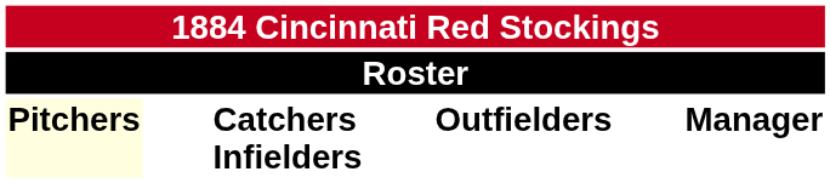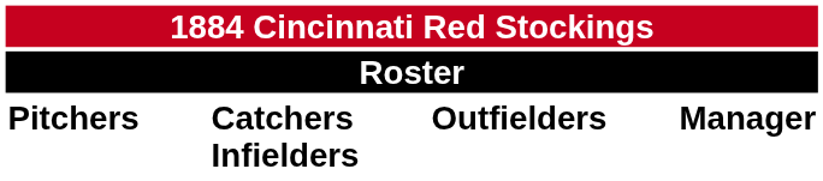 <table class="toccolours" style="font-size: 95%;">
 <tr>
 <th colspan="10" style="background-color: #c6011f; color: white; text-align: center;">1884 Cincinnati Red Stockings</th>
 </tr>
 <tr>
 <td colspan="10" style="background-color: black; color: white; text-align: center;"><strong>Roster</strong></td>
 </tr>
 <tr>
-<td valign="top" style="background: lightyellow;"><strong>Pitchers</strong><br>   </td>
+<td valign="top"><strong>Pitchers</strong><br>   </td>
 <td width="25px"></td>
 <td valign="top"><strong>Catchers</strong><br>   <strong>Infielders</strong>      </td>
 <td width="25px"></td>
 <td valign="top"><strong>Outfielders</strong><br>      </td>
 <td width="25px"></td>
 <td valign="top"><strong>Manager</strong><br> </td>
 </tr>
 </table>
